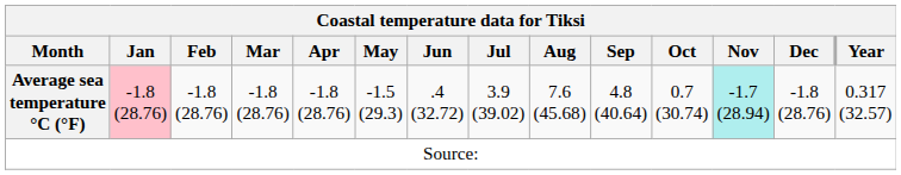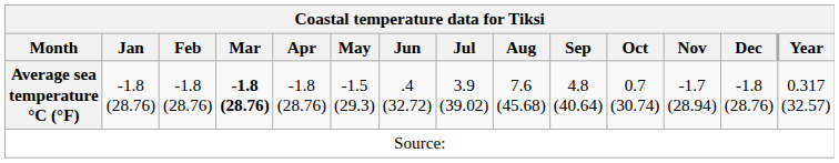 <table style="width:100%;text-align:center;line-height:1.2em;margin-left:auto;margin-right:auto" class="wikitable">
 <tr>
 <th Colspan=14>Coastal temperature data for Tiksi</th>
 </tr>
 <tr>
 <th>Month</th>
 <th>Jan</th>
 <th>Feb</th>
 <th>Mar</th>
 <th>Apr</th>
 <th>May</th>
 <th>Jun</th>
 <th>Jul</th>
 <th>Aug</th>
 <th>Sep</th>
 <th>Oct</th>
 <th>Nov</th>
 <th>Dec</th>
 <th style="border-left-width:medium">Year</th>
 </tr>
 <tr>
 <th>Average sea temperature °C (°F)</th>
-<td style="background: pink;">-1.8<br>(28.76)</td>
 <td>-1.8<br>(28.76)</td>
 <td>-1.8<br>(28.76)</td>
+<td><strong>-1.8<br>(28.76)</strong></td>
 <td>-1.8<br>(28.76)</td>
 <td>-1.5<br>(29.3)</td>
 <td>.4<br>(32.72)</td>
 <td>3.9<br>(39.02)</td>
 <td>7.6<br>(45.68)</td>
 <td>4.8<br>(40.64)</td>
 <td>0.7<br>(30.74)</td>
-<td style="background: paleturquoise;">-1.7<br>(28.94)</td>
+<td>-1.7<br>(28.94)</td>
 <td>-1.8<br>(28.76)</td>
 <td>0.317<br>(32.57)</td>
 </tr>
 <tr>
 <th Colspan=14 style="background:#ffffff;font-weight:normal;font-size:100%;">Source:</th>
 </tr>
 </table>
